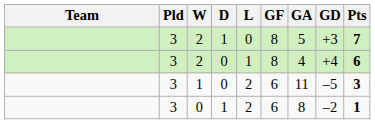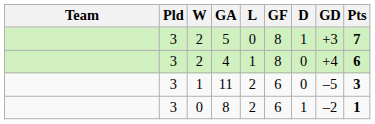 <table class="wikitable" style="text-align: center;">
 <tr>
 <th width=165>Team</th>
 <th width=20>Pld</th>
 <th width=20>W</th>
-<th width=20>D</th>
+<th width=20>GA</th>
 <th width=20>L</th>
 <th width=20>GF</th>
-<th width=20>GA</th>
+<th width=20>D</th>
 <th width=20>GD</th>
 <th width=20>Pts</th>
 </tr>
 <tr bgcolor="#D0F0C0">
 <td align="left"></td>
 <td>3</td>
 <td>2</td>
-<td>1</td>
+<td>5</td>
 <td>0</td>
 <td>8</td>
-<td>5</td>
+<td>1</td>
 <td>+3</td>
 <td><strong>7</strong></td>
 </tr>
 <tr bgcolor="#D0F0C0">
 <td align="left"></td>
 <td>3</td>
 <td>2</td>
-<td>0</td>
+<td>4</td>
 <td>1</td>
 <td>8</td>
-<td>4</td>
+<td>0</td>
 <td>+4</td>
 <td><strong>6</strong></td>
 </tr>
 <tr>
 <td align="left"></td>
 <td>3</td>
 <td>1</td>
-<td>0</td>
+<td>11</td>
 <td>2</td>
 <td>6</td>
-<td>11</td>
+<td>0</td>
 <td>–5</td>
 <td><strong>3</strong></td>
 </tr>
 <tr>
 <td align="left"></td>
 <td>3</td>
 <td>0</td>
-<td>1</td>
+<td>8</td>
 <td>2</td>
 <td>6</td>
-<td>8</td>
+<td>1</td>
 <td>–2</td>
 <td><strong>1</strong></td>
 </tr>
 </table>
